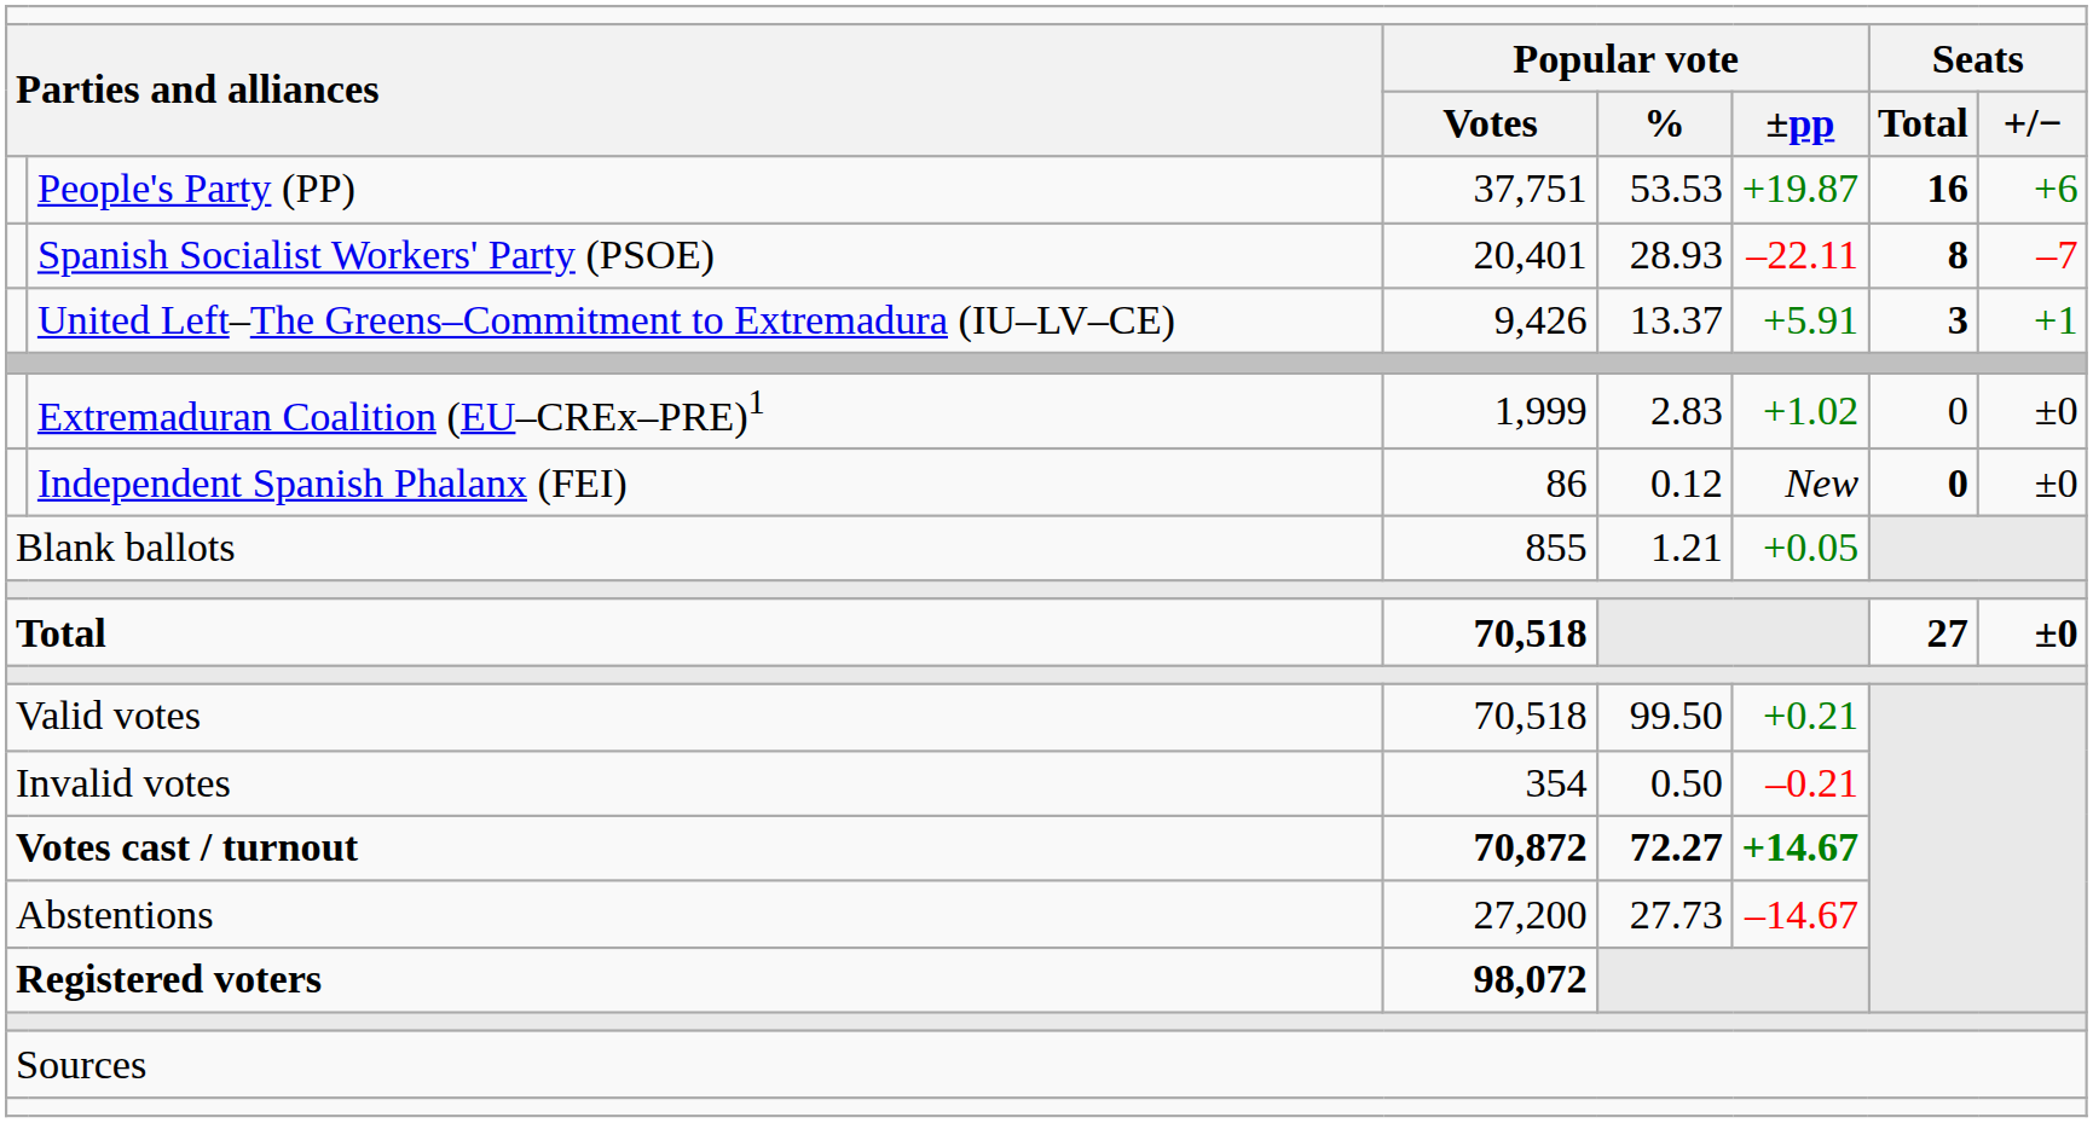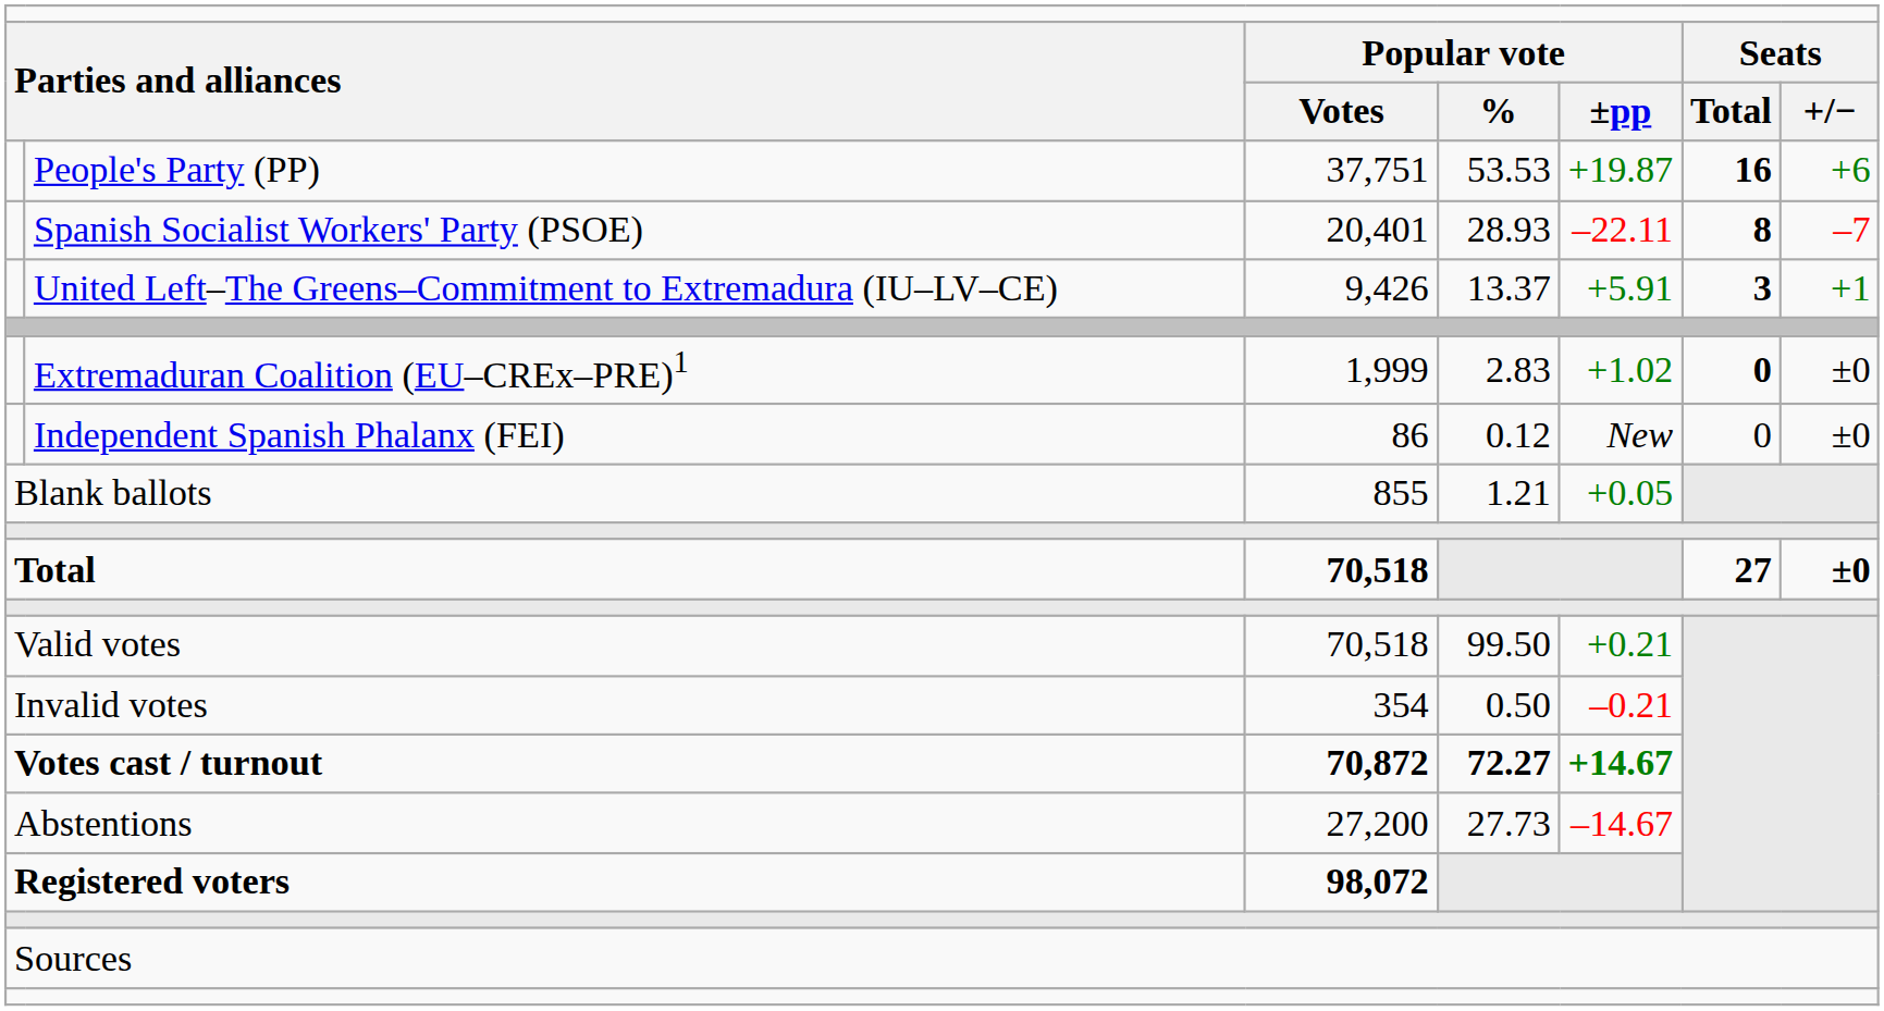 <table class="wikitable" style="text-align:right;">
 <tr>
 <td colspan="7"></td>
 </tr>
 <tr>
 <th style="text-align:left;" rowspan="2" colspan="2" width="525">Parties and alliances</th>
 <th colspan="3">Popular vote</th>
 <th colspan="2">Seats</th>
 </tr>
 <tr>
 <th width="75">Votes</th>
 <th width="45">%</th>
 <th width="45">±<a href='#'>pp</a></th>
 <th width="35">Total</th>
 <th width="35">+/−</th>
 </tr>
 <tr>
 <td width="1" style="color:inherit;background:"></td>
 <td align="left"><a href='#'>People's Party</a> (PP)</td>
 <td>37,751</td>
 <td>53.53</td>
 <td style="color:green;">+19.87</td>
 <td><strong>16</strong></td>
 <td style="color:green;">+6</td>
 </tr>
 <tr>
 <td style="color:inherit;background:"></td>
 <td align="left"><a href='#'>Spanish Socialist Workers' Party</a> (PSOE)</td>
 <td>20,401</td>
 <td>28.93</td>
 <td style="color:red;">–22.11</td>
 <td><strong>8</strong></td>
 <td style="color:red;">–7</td>
 </tr>
 <tr>
 <td style="color:inherit;background:"></td>
 <td align="left"><a href='#'>United Left</a>–<a href='#'>The Greens–Commitment to Extremadura</a> (IU–LV–CE)</td>
 <td>9,426</td>
 <td>13.37</td>
 <td style="color:green;">+5.91</td>
 <td><strong>3</strong></td>
 <td style="color:green;">+1</td>
 </tr>
 <tr>
 <td colspan="7" bgcolor="#C0C0C0"></td>
 </tr>
 <tr>
 <td style="color:inherit;background:"></td>
 <td align="left"><a href='#'>Extremaduran Coalition</a> (<a href='#'>EU</a>–CREx–PRE)<sup>1</sup></td>
 <td>1,999</td>
 <td>2.83</td>
 <td style="color:green;">+1.02</td>
-<td>0</td>
+<td><strong>0</strong></td>
 <td>±0</td>
 </tr>
 <tr>
 <td style="color:inherit;background:"></td>
 <td align="left"><a href='#'>Independent Spanish Phalanx</a> (FEI)</td>
 <td>86</td>
 <td>0.12</td>
 <td><em>New</em></td>
-<td><strong>0</strong></td>
+<td>0</td>
 <td>±0</td>
 </tr>
 <tr>
 <td align="left" colspan="2">Blank ballots</td>
 <td>855</td>
 <td>1.21</td>
 <td style="color:green;">+0.05</td>
 <td bgcolor="#E9E9E9" colspan="2"></td>
 </tr>
 <tr>
 <td colspan="7" bgcolor="#E9E9E9"></td>
 </tr>
 <tr style="font-weight:bold;">
 <td align="left" colspan="2">Total</td>
 <td>70,518</td>
 <td bgcolor="#E9E9E9" colspan="2"></td>
 <td>27</td>
 <td>±0</td>
 </tr>
 <tr>
 <td colspan="7" bgcolor="#E9E9E9"></td>
 </tr>
 <tr>
 <td align="left" colspan="2">Valid votes</td>
 <td>70,518</td>
 <td>99.50</td>
 <td style="color:green;">+0.21</td>
 <td bgcolor="#E9E9E9" colspan="2" rowspan="5"></td>
 </tr>
 <tr>
 <td align="left" colspan="2">Invalid votes</td>
 <td>354</td>
 <td>0.50</td>
 <td style="color:red;">–0.21</td>
 </tr>
 <tr style="font-weight:bold;">
 <td align="left" colspan="2">Votes cast / turnout</td>
 <td>70,872</td>
 <td>72.27</td>
 <td style="color:green;">+14.67</td>
 </tr>
 <tr>
 <td align="left" colspan="2">Abstentions</td>
 <td>27,200</td>
 <td>27.73</td>
 <td style="color:red;">–14.67</td>
 </tr>
 <tr style="font-weight:bold;">
 <td align="left" colspan="2">Registered voters</td>
 <td>98,072</td>
 <td bgcolor="#E9E9E9" colspan="2"></td>
 </tr>
 <tr>
 <td colspan="7" bgcolor="#E9E9E9"></td>
 </tr>
 <tr>
 <td align="left" colspan="7">Sources</td>
 </tr>
 <tr>
 <td colspan="7" style="text-align:left; max-width:790px;"></td>
 </tr>
 </table>
